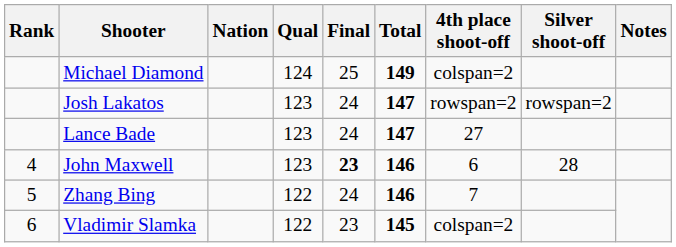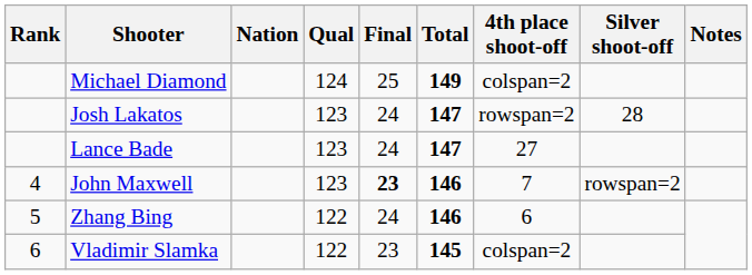 <table class="wikitable sortable" style="text-align: center">
 <tr>
 <th>Rank</th>
 <th>Shooter</th>
 <th>Nation</th>
 <th>Qual</th>
 <th>Final</th>
 <th>Total</th>
 <th>4th place<br>shoot-off</th>
 <th>Silver<br>shoot-off</th>
 <th>Notes</th>
 </tr>
 <tr>
 <td></td>
 <td align=left><a href='#'>Michael Diamond</a></td>
 <td align=left></td>
 <td>124</td>
 <td>25</td>
 <td><strong>149</strong></td>
 <td>colspan=2 </td>
 <td></td>
 </tr>
 <tr>
 <td></td>
 <td align=left><a href='#'>Josh Lakatos</a></td>
 <td align=left></td>
 <td>123</td>
 <td>24</td>
 <td><strong>147</strong></td>
 <td>rowspan=2 </td>
-<td>rowspan=2 </td>
+<td>28</td>
 <td></td>
 </tr>
 <tr>
 <td></td>
 <td align=left><a href='#'>Lance Bade</a></td>
 <td align=left></td>
 <td>123</td>
 <td>24</td>
 <td><strong>147</strong></td>
 <td>27</td>
 <td></td>
 </tr>
 <tr>
 <td>4</td>
 <td align=left><a href='#'>John Maxwell</a></td>
 <td align=left></td>
 <td>123</td>
 <td><strong>23</strong></td>
 <td><strong>146</strong></td>
-<td>6</td>
-<td>28</td>
+<td>7</td>
+<td>rowspan=2 </td>
 <td></td>
 </tr>
 <tr>
 <td>5</td>
 <td align=left><a href='#'>Zhang Bing</a></td>
 <td align=left></td>
 <td>122</td>
 <td>24</td>
 <td><strong>146</strong></td>
-<td>7</td>
+<td>6</td>
 <td></td>
 </tr>
 <tr>
 <td>6</td>
 <td align=left><a href='#'>Vladimir Slamka</a></td>
 <td align=left></td>
 <td>122</td>
 <td>23</td>
 <td><strong>145</strong></td>
 <td>colspan=2 </td>
 <td></td>
 </tr>
 </table>
